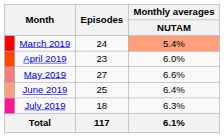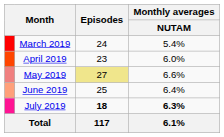 <table class="wikitable plainrowheaders" style="text-align: center; line-height:25px;">
 <tr class="wikitable" style="text-align: center;">
 <th colspan="2" rowspan="2" style="padding: 0 8px;">Month</th>
 <th rowspan="2" style="padding: 0 8px;">Episodes</th>
 <th colspan="2" style="padding: 0 8px;">Monthly averages</th>
 </tr>
 <tr>
 <th style="padding: 0 8px;">NUTAM</th>
 </tr>
 <tr>
 <td style="padding: 0 8px; background:#FF0000;"></td>
 <td style="padding: 0 8px;" '><a href='#'>March 2019</a></td>
 <td style="padding: 0 8px;">24</td>
-<td style="background: lightsalmon; padding: 0 8px;">5.4%</td>
+<td style="padding: 0 8px;">5.4%</td>
 </tr>
 <tr>
 <td style="padding: 0 8px; background:#FF4500;"></td>
 <td style="padding: 0 8px;" '><a href='#'>April 2019</a></td>
 <td style="padding: 0 8px;">23</td>
 <td style="padding: 0 8px;">6.0%</td>
 </tr>
 <tr>
 <td style="padding: 0 8px; background:#F08080;"></td>
 <td style="padding: 0 8px;" '><a href='#'>May 2019</a></td>
-<td style="padding: 0 8px;">27</td>
+<td style="background: khaki; padding: 0 8px;">27</td>
 <td style="padding: 0 8px;">6.6%</td>
 </tr>
 <tr>
 <td style="padding: 0 8px; background:#FFA07A;"></td>
 <td style="padding: 0 8px;" '><a href='#'>June 2019</a></td>
 <td style="padding: 0 8px;">25</td>
 <td style="padding: 0 8px;">6.4%</td>
 </tr>
 <tr>
 <td style="padding: 0 8px; background:#FF1493;"></td>
 <td style="padding: 0 8px;" '><a href='#'>July 2019</a></td>
-<td style="padding: 0 8px;">18</td>
-<td style="padding: 0 8px;">6.3%</td>
+<td style="padding: 0 8px;"><strong>18</strong></td>
+<td style="padding: 0 8px;"><strong>6.3%</strong></td>
 </tr>
 <tr>
 <th colspan="2">Total</th>
 <th colspan="1">117</th>
 <th colspan="2">6.1%</th>
 </tr>
 </table>
